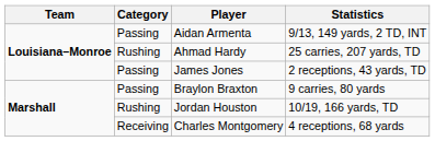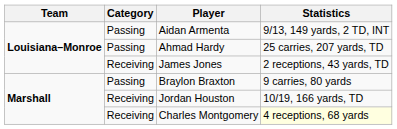 <table class="wikitable" style="float: right;">
 <tr>
 <th>Team</th>
 <th>Category</th>
 <th>Player</th>
 <th>Statistics</th>
 </tr>
 <tr>
 <td rowspan=3><strong>Louisiana–Monroe</strong></td>
 <td>Passing</td>
 <td>Aidan Armenta</td>
 <td>9/13, 149 yards, 2 TD, INT</td>
 </tr>
 <tr>
-<td>Rushing</td>
+<td>Passing</td>
 <td>Ahmad Hardy</td>
 <td>25 carries, 207 yards, TD</td>
 </tr>
 <tr>
-<td>Passing</td>
+<td>Receiving</td>
 <td>James Jones</td>
 <td>2 receptions, 43 yards, TD</td>
 </tr>
 <tr>
 <td rowspan=3><strong>Marshall</strong></td>
 <td>Passing</td>
 <td>Braylon Braxton</td>
 <td>9 carries, 80 yards</td>
 </tr>
 <tr>
-<td>Rushing</td>
+<td>Receiving</td>
 <td>Jordan Houston</td>
 <td>10/19, 166 yards, TD</td>
 </tr>
 <tr>
 <td>Receiving</td>
 <td>Charles Montgomery</td>
-<td>4 receptions, 68 yards</td>
+<td style="background: lightyellow;">4 receptions, 68 yards</td>
 </tr>
 </table>
